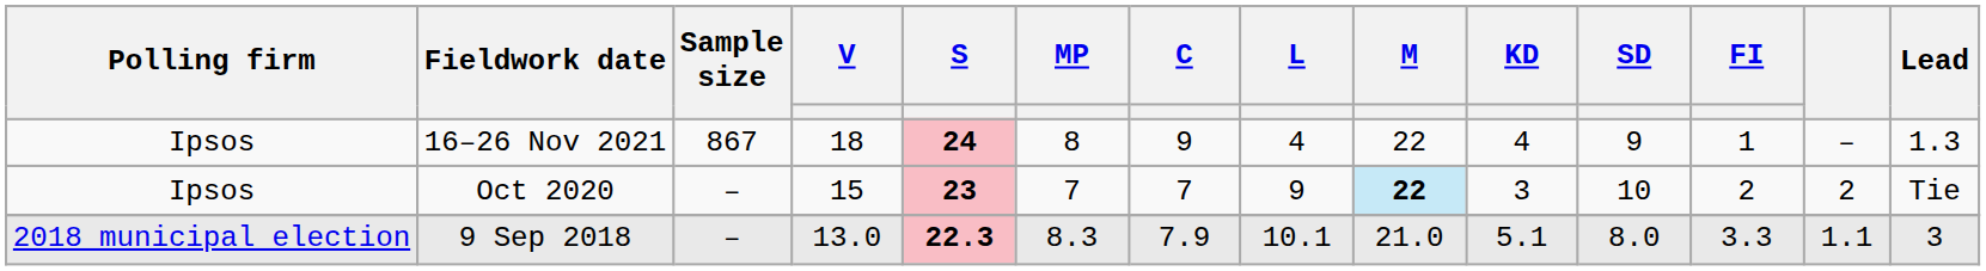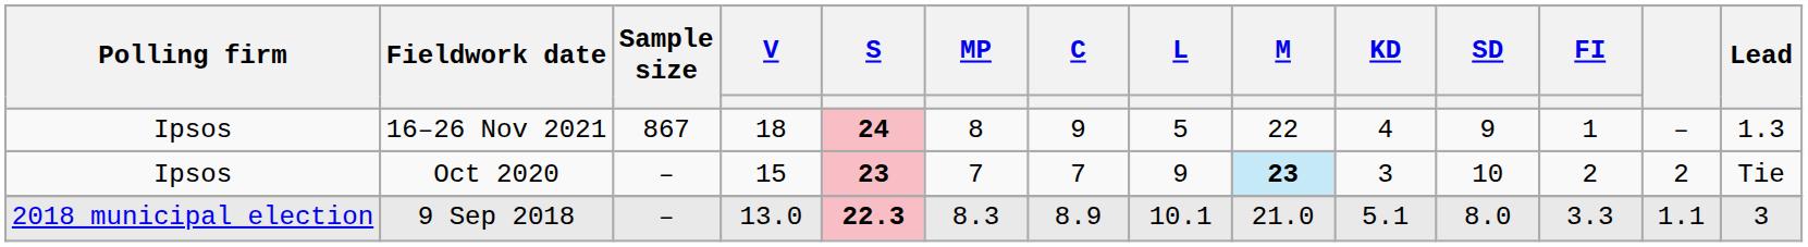 <table class="wikitable sortable" style="text-align:center;font-size:90%;line-height:14px;">
 <tr style="height:40px;">
 <th rowspan="2">Polling firm</th>
 <th rowspan="2">Fieldwork date</th>
 <th rowspan="2">Sample<br>size</th>
 <th class="sortable" style="width:40px;"><a href='#'>V</a></th>
 <th class="sortable" style="width:40px;"><a href='#'>S</a></th>
 <th class="sortable" style="width:40px;"><a href='#'>MP</a></th>
 <th class="sortable" style="width:40px;"><a href='#'>C</a></th>
 <th class="sortable" style="width:40px;"><a href='#'>L</a></th>
 <th class="sortable" style="width:40px;"><a href='#'>M</a></th>
 <th class="sortable" style="width:40px;"><a href='#'>KD</a></th>
 <th class="sortable" style="width:40px;"><a href='#'>SD</a></th>
 <th class="sortable" style="width:40px;"><a href='#'>FI</a></th>
 <th class="sortable" style="width:30px;" rowspan="2"></th>
 <th style="width:30px;" rowspan="2">Lead</th>
 </tr>
 <tr>
 <th style="background:"></th>
 <th style="background:"></th>
 <th style="background:"></th>
 <th style="background:"></th>
 <th style="background:"></th>
 <th style="background:"></th>
 <th style="background:"></th>
 <th style="background:"></th>
 <th style="background:"></th>
 </tr>
 <tr>
 <td>Ipsos</td>
 <td>16–26 Nov 2021</td>
 <td>867</td>
 <td>18</td>
 <td style="background:#F9BDC5;"><strong>24</strong></td>
 <td>8</td>
 <td>9</td>
-<td>4</td>
+<td>5</td>
 <td>22</td>
 <td>4</td>
 <td>9</td>
 <td>1</td>
 <td>–</td>
 <td style="background:">1.3</td>
 </tr>
 <tr>
 <td>Ipsos</td>
 <td>Oct 2020</td>
 <td>–</td>
 <td>15</td>
 <td style="background:#F9BDC5;"><strong>23</strong></td>
 <td>7</td>
 <td>7</td>
 <td>9</td>
-<td style="background:#C6E9F7;"><strong>22</strong></td>
+<td style="background:#C6E9F7;"><strong>23</strong></td>
 <td>3</td>
 <td>10</td>
 <td>2</td>
 <td>2</td>
 <td>Tie</td>
 </tr>
 <tr>
 </tr>
 <tr style="background:#E9E9E9;">
 <td><a href='#'>2018 municipal election</a></td>
 <td data-sort-value="2018-09-09">9 Sep 2018</td>
 <td>–</td>
 <td>13.0</td>
 <td style="background:#F9BDC5;"><strong>22.3</strong></td>
 <td>8.3</td>
-<td>7.9</td>
+<td>8.9</td>
 <td>10.1</td>
 <td>21.0</td>
 <td>5.1</td>
 <td>8.0</td>
 <td>3.3</td>
 <td>1.1</td>
 <td style="background:">3</td>
 </tr>
 </table>
